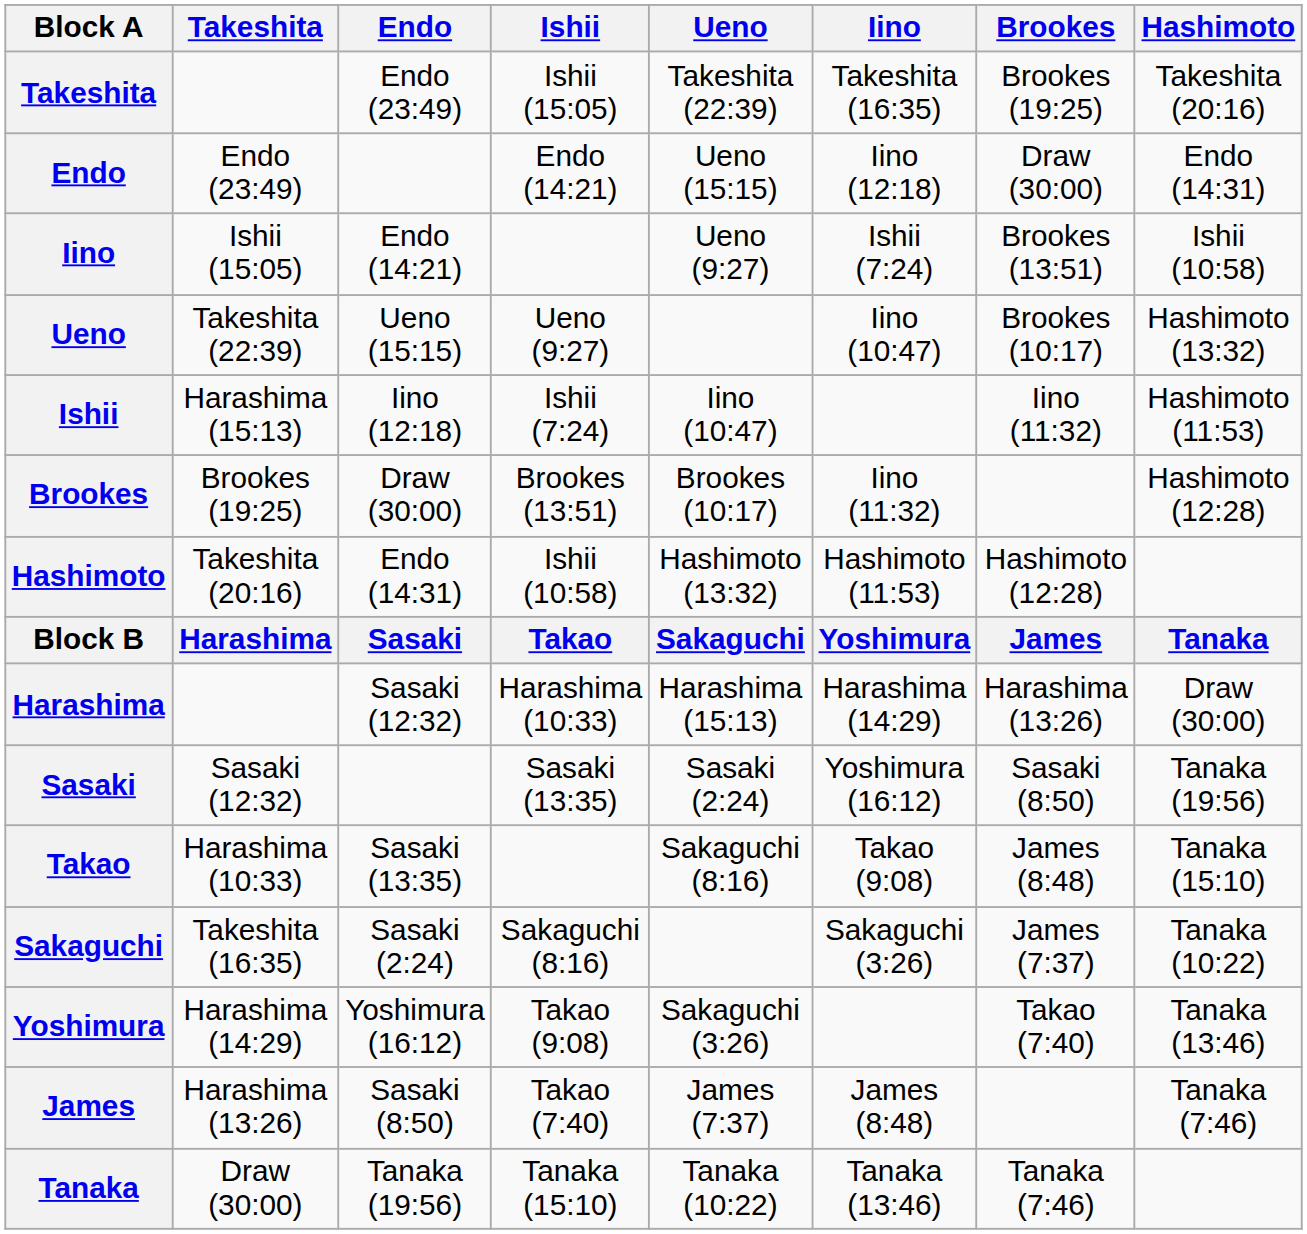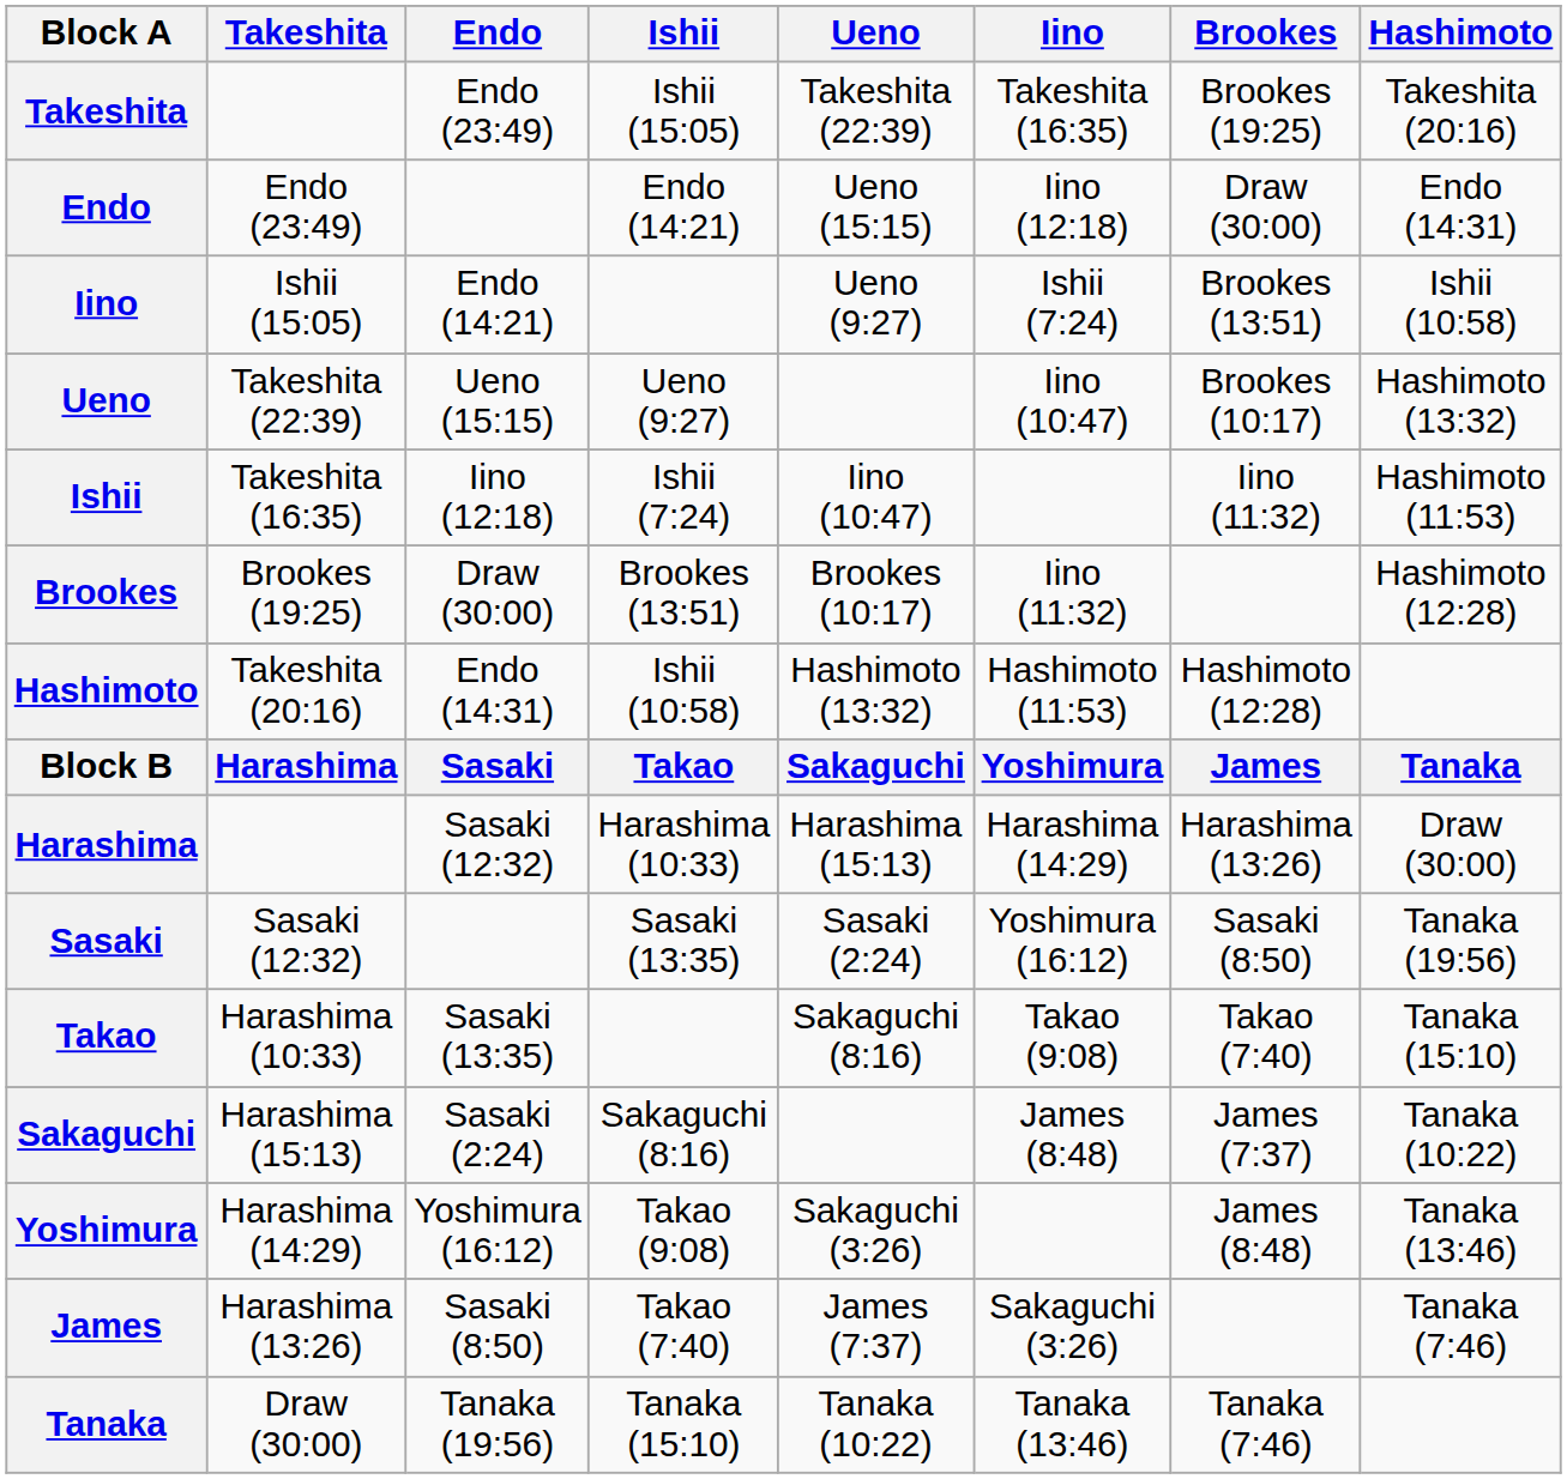 <table class="wikitable" style="margin: 1em auto 1em auto">
 <tr align="center">
 <th>Block A</th>
 <th><a href='#'>Takeshita</a></th>
 <th><a href='#'>Endo</a></th>
 <th><a href='#'>Ishii</a></th>
 <th><a href='#'>Ueno</a></th>
 <th><a href='#'>Iino</a></th>
 <th><a href='#'>Brookes</a></th>
 <th><a href='#'>Hashimoto</a></th>
 </tr>
 <tr align="center">
 <th><a href='#'>Takeshita</a></th>
 <td></td>
 <td>Endo<br>(23:49)</td>
 <td>Ishii<br>(15:05)</td>
 <td>Takeshita<br>(22:39)</td>
 <td>Takeshita<br>(16:35)</td>
 <td>Brookes<br>(19:25)</td>
 <td>Takeshita<br>(20:16)</td>
 </tr>
 <tr align="center">
 <th><a href='#'>Endo</a></th>
 <td>Endo<br>(23:49)</td>
 <td></td>
 <td>Endo<br>(14:21)</td>
 <td>Ueno<br>(15:15)</td>
 <td>Iino<br>(12:18)</td>
 <td>Draw<br>(30:00)</td>
 <td>Endo<br>(14:31)</td>
 </tr>
 <tr align="center">
 <th><a href='#'>Iino</a></th>
 <td>Ishii<br>(15:05)</td>
 <td>Endo<br>(14:21)</td>
 <td></td>
 <td>Ueno<br>(9:27)</td>
 <td>Ishii<br>(7:24)</td>
 <td>Brookes<br>(13:51)</td>
 <td>Ishii<br>(10:58)</td>
 </tr>
 <tr align="center">
 <th><a href='#'>Ueno</a></th>
 <td>Takeshita<br>(22:39)</td>
 <td>Ueno<br>(15:15)</td>
 <td>Ueno<br>(9:27)</td>
 <td></td>
 <td>Iino<br>(10:47)</td>
 <td>Brookes<br>(10:17)</td>
 <td>Hashimoto<br>(13:32)</td>
 </tr>
 <tr align="center">
 <th><a href='#'>Ishii</a></th>
-<td>Harashima<br>(15:13)</td>
+<td>Takeshita<br>(16:35)</td>
 <td>Iino<br>(12:18)</td>
 <td>Ishii<br>(7:24)</td>
 <td>Iino<br>(10:47)</td>
 <td></td>
 <td>Iino<br>(11:32)</td>
 <td>Hashimoto<br>(11:53)</td>
 </tr>
 <tr align="center">
 <th><a href='#'>Brookes</a></th>
 <td>Brookes<br>(19:25)</td>
 <td>Draw<br>(30:00)</td>
 <td>Brookes<br>(13:51)</td>
 <td>Brookes<br>(10:17)</td>
 <td>Iino<br>(11:32)</td>
 <td></td>
 <td>Hashimoto<br>(12:28)</td>
 </tr>
 <tr align="center">
 <th><a href='#'>Hashimoto</a></th>
 <td>Takeshita<br>(20:16)</td>
 <td>Endo<br>(14:31)</td>
 <td>Ishii<br>(10:58)</td>
 <td>Hashimoto<br>(13:32)</td>
 <td>Hashimoto<br>(11:53)</td>
 <td>Hashimoto<br>(12:28)</td>
 <td></td>
 </tr>
 <tr align="center">
 <th>Block B</th>
 <th><a href='#'>Harashima</a></th>
 <th><a href='#'>Sasaki</a></th>
 <th><a href='#'>Takao</a></th>
 <th><a href='#'>Sakaguchi</a></th>
 <th><a href='#'>Yoshimura</a></th>
 <th><a href='#'>James</a></th>
 <th><a href='#'>Tanaka</a></th>
 </tr>
 <tr align="center">
 <th><a href='#'>Harashima</a></th>
 <td></td>
 <td>Sasaki<br>(12:32)</td>
 <td>Harashima<br>(10:33)</td>
 <td>Harashima<br>(15:13)</td>
 <td>Harashima<br>(14:29)</td>
 <td>Harashima<br>(13:26)</td>
 <td>Draw<br>(30:00)</td>
 </tr>
 <tr align="center">
 <th><a href='#'>Sasaki</a></th>
 <td>Sasaki<br>(12:32)</td>
 <td></td>
 <td>Sasaki<br>(13:35)</td>
 <td>Sasaki<br>(2:24)</td>
 <td>Yoshimura<br>(16:12)</td>
 <td>Sasaki<br>(8:50)</td>
 <td>Tanaka<br>(19:56)</td>
 </tr>
 <tr align="center">
 <th><a href='#'>Takao</a></th>
 <td>Harashima<br>(10:33)</td>
 <td>Sasaki<br>(13:35)</td>
 <td></td>
 <td>Sakaguchi<br>(8:16)</td>
 <td>Takao<br>(9:08)</td>
-<td>James<br>(8:48)</td>
+<td>Takao<br>(7:40)</td>
 <td>Tanaka<br>(15:10)</td>
 </tr>
 <tr align="center">
 <th><a href='#'>Sakaguchi</a></th>
-<td>Takeshita<br>(16:35)</td>
+<td>Harashima<br>(15:13)</td>
 <td>Sasaki<br>(2:24)</td>
 <td>Sakaguchi<br>(8:16)</td>
 <td></td>
-<td>Sakaguchi<br>(3:26)</td>
+<td>James<br>(8:48)</td>
 <td>James<br>(7:37)</td>
 <td>Tanaka<br>(10:22)</td>
 </tr>
 <tr align="center">
 <th><a href='#'>Yoshimura</a></th>
 <td>Harashima<br>(14:29)</td>
 <td>Yoshimura<br>(16:12)</td>
 <td>Takao<br>(9:08)</td>
 <td>Sakaguchi<br>(3:26)</td>
 <td></td>
-<td>Takao<br>(7:40)</td>
+<td>James<br>(8:48)</td>
 <td>Tanaka<br>(13:46)</td>
 </tr>
 <tr align="center">
 <th><a href='#'>James</a></th>
 <td>Harashima<br>(13:26)</td>
 <td>Sasaki<br>(8:50)</td>
 <td>Takao<br>(7:40)</td>
 <td>James<br>(7:37)</td>
-<td>James<br>(8:48)</td>
+<td>Sakaguchi<br>(3:26)</td>
 <td></td>
 <td>Tanaka<br>(7:46)</td>
 </tr>
 <tr align="center">
 <th><a href='#'>Tanaka</a></th>
 <td>Draw<br>(30:00)</td>
 <td>Tanaka<br>(19:56)</td>
 <td>Tanaka<br>(15:10)</td>
 <td>Tanaka<br>(10:22)</td>
 <td>Tanaka<br>(13:46)</td>
 <td>Tanaka<br>(7:46)</td>
 <td></td>
 </tr>
 </table>
